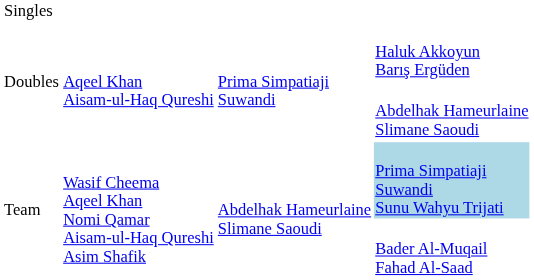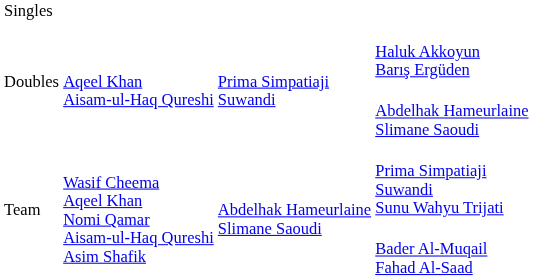 <table>
 <tr>
 <td rowspan=2>Singles</td>
 <td rowspan=2></td>
 <td rowspan=2></td>
 <td></td>
 </tr>
 <tr>
 <td></td>
 </tr>
 <tr>
 <td rowspan=2>Doubles</td>
 <td rowspan=2><br><a href='#'>Aqeel Khan</a><br><a href='#'>Aisam-ul-Haq Qureshi</a></td>
 <td rowspan=2><br><a href='#'>Prima Simpatiaji</a><br><a href='#'>Suwandi</a></td>
 <td><br><a href='#'>Haluk Akkoyun</a><br><a href='#'>Barış Ergüden</a></td>
 </tr>
 <tr>
 <td><br><a href='#'>Abdelhak Hameurlaine</a><br><a href='#'>Slimane Saoudi</a></td>
 </tr>
 <tr>
 <td rowspan=2>Team</td>
 <td rowspan=2><br><a href='#'>Wasif Cheema</a><br><a href='#'>Aqeel Khan</a><br><a href='#'>Nomi Qamar</a><br><a href='#'>Aisam-ul-Haq Qureshi</a><br><a href='#'>Asim Shafik</a></td>
 <td rowspan=2><br><a href='#'>Abdelhak Hameurlaine</a><br><a href='#'>Slimane Saoudi</a></td>
-<td style="background: lightblue;"><br><a href='#'>Prima Simpatiaji</a><br><a href='#'>Suwandi</a><br><a href='#'>Sunu Wahyu Trijati</a></td>
+<td><br><a href='#'>Prima Simpatiaji</a><br><a href='#'>Suwandi</a><br><a href='#'>Sunu Wahyu Trijati</a></td>
 </tr>
 <tr>
 <td><br><a href='#'>Bader Al-Muqail</a><br><a href='#'>Fahad Al-Saad</a></td>
 </tr>
 </table>
